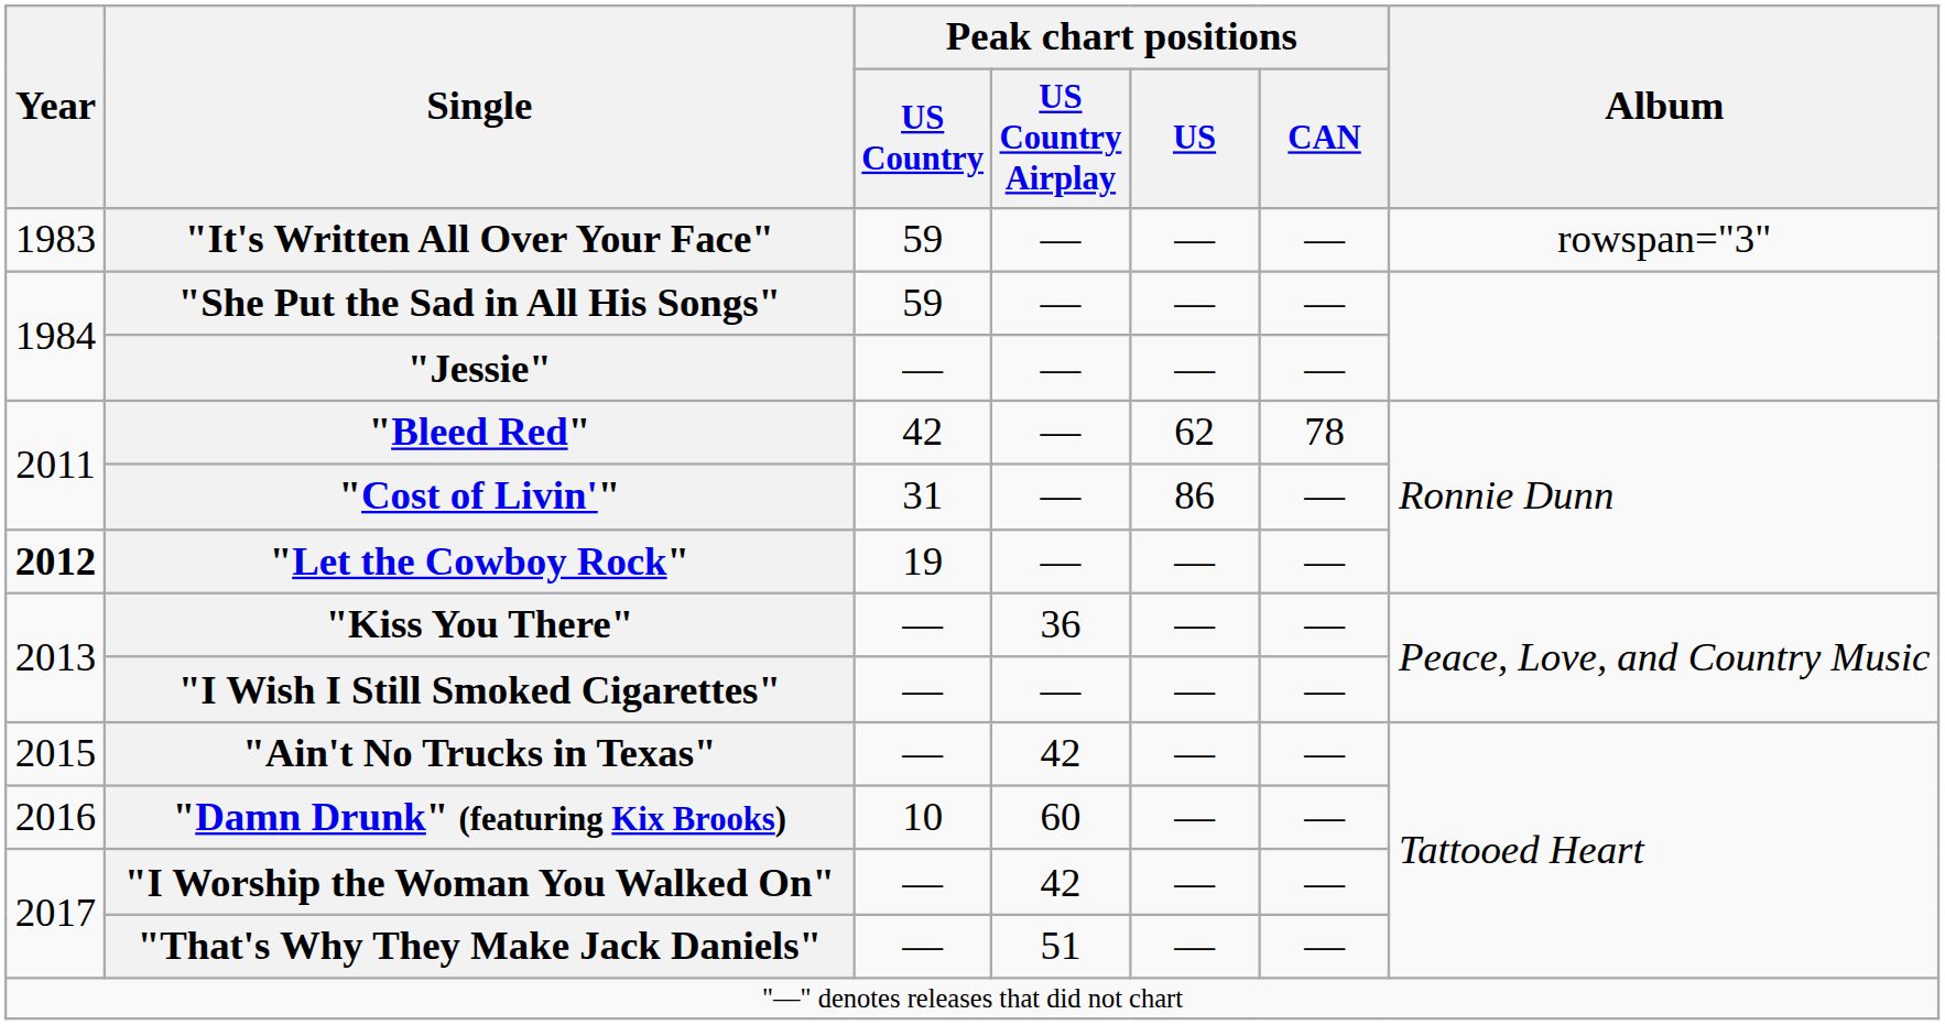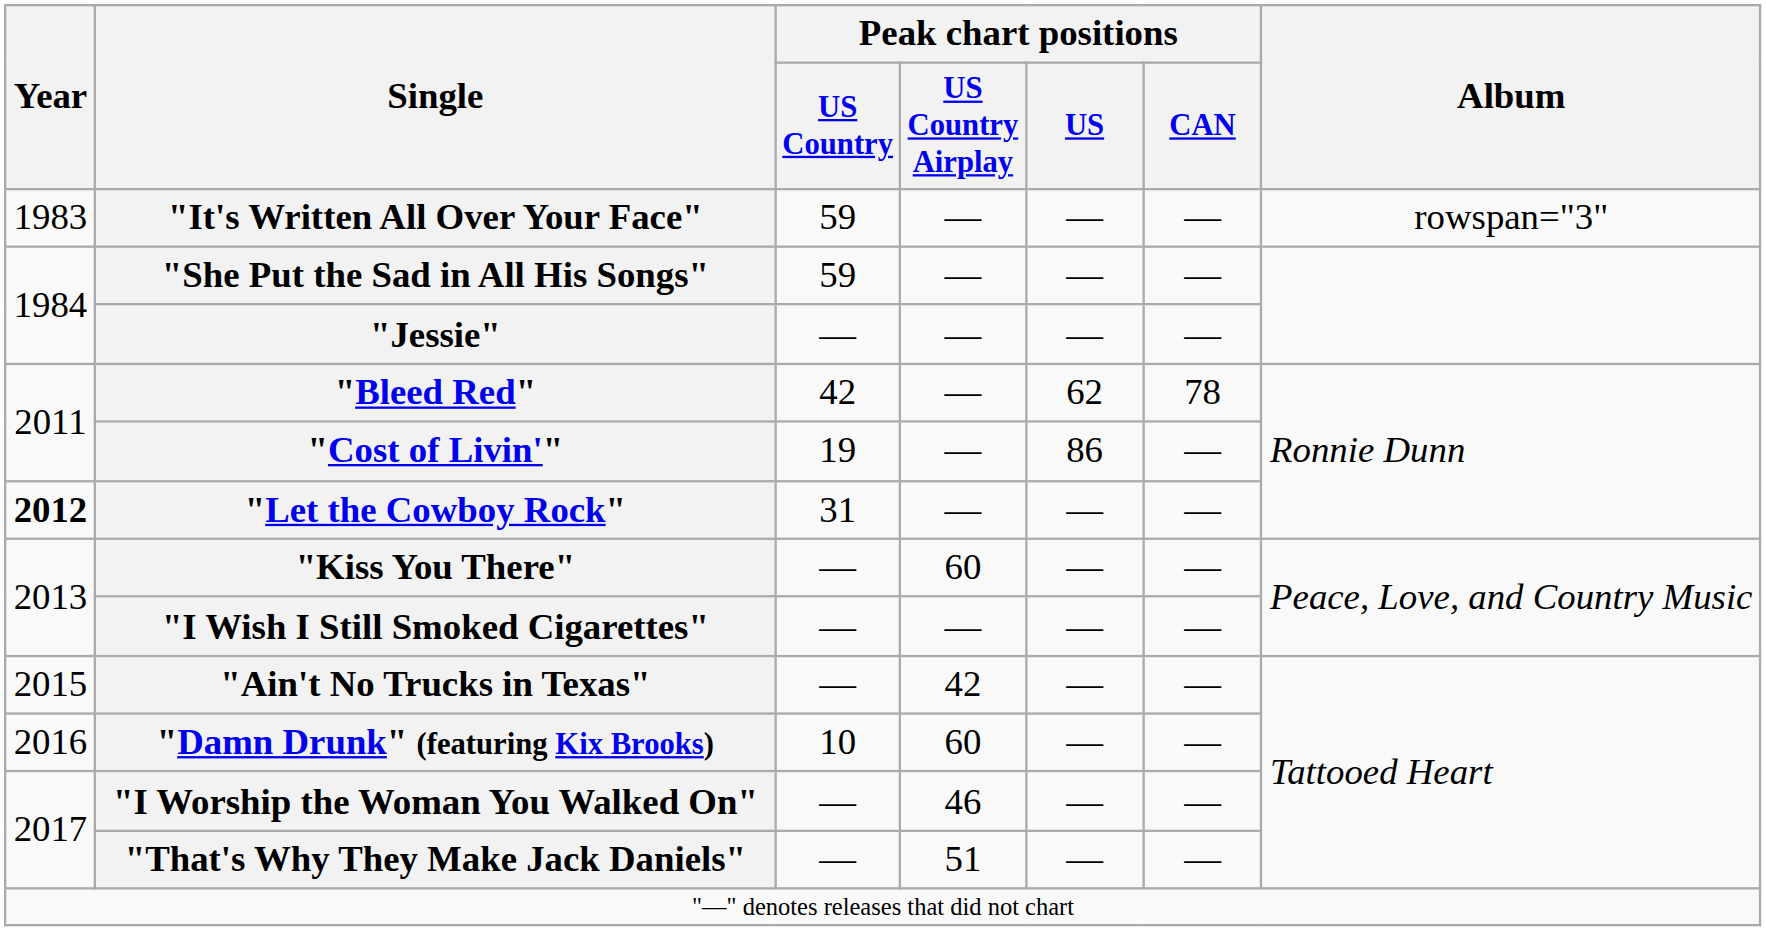 <table class="wikitable plainrowheaders" style="text-align:center;">
 <tr>
 <th rowspan="2">Year</th>
 <th rowspan="2" style="width:18em;">Single</th>
 <th colspan="4">Peak chart positions</th>
 <th rowspan="2">Album</th>
 </tr>
 <tr style="font-size:smaller;">
 <th style="width:45px;"><a href='#'>US Country</a><br></th>
 <th style="width:45px;"><a href='#'>US Country Airplay</a><br></th>
 <th style="width:45px;"><a href='#'>US</a><br></th>
 <th style="width:45px;"><a href='#'>CAN</a><br></th>
 </tr>
 <tr>
 <td>1983</td>
 <th scope="row">"It's Written All Over Your Face"</th>
 <td>59</td>
 <td>—</td>
 <td>—</td>
 <td>—</td>
 <td>rowspan="3" </td>
 </tr>
 <tr>
 <td rowspan="2">1984</td>
 <th scope="row">"She Put the Sad in All His Songs"</th>
 <td>59</td>
 <td>—</td>
 <td>—</td>
 <td>—</td>
 </tr>
 <tr>
 <th scope="row">"Jessie"</th>
 <td>—</td>
 <td>—</td>
 <td>—</td>
 <td>—</td>
 </tr>
 <tr>
 <td rowspan="2">2011</td>
 <th scope="row">"<a href='#'>Bleed Red</a>"</th>
 <td>42</td>
 <td>—</td>
 <td>62</td>
 <td>78</td>
 <td style="text-align:left;" rowspan="3"><em>Ronnie Dunn</em></td>
 </tr>
 <tr>
 <th scope="row">"<a href='#'>Cost of Livin'</a>"</th>
-<td>31</td>
+<td>19</td>
 <td>—</td>
 <td>86</td>
 <td>—</td>
 </tr>
 <tr>
 <td><strong>2012</strong></td>
 <th scope="row">"<a href='#'>Let the Cowboy Rock</a>"</th>
-<td>19</td>
+<td>31</td>
 <td>—</td>
 <td>—</td>
 <td>—</td>
 </tr>
 <tr>
 <td rowspan="2">2013</td>
 <th scope="row">"Kiss You There"</th>
 <td>—</td>
-<td>36</td>
+<td>60</td>
 <td>—</td>
 <td>—</td>
 <td style="text-align:left;" rowspan="2"><em>Peace, Love, and Country Music</em></td>
 </tr>
 <tr>
 <th scope="row">"I Wish I Still Smoked Cigarettes"</th>
 <td>—</td>
 <td>—</td>
 <td>—</td>
 <td>—</td>
 </tr>
 <tr>
 <td>2015</td>
 <th scope="row">"Ain't No Trucks in Texas"</th>
 <td>—</td>
 <td>42</td>
 <td>—</td>
 <td>—</td>
 <td style="text-align:left;" rowspan="4"><em>Tattooed Heart</em></td>
 </tr>
 <tr>
 <td>2016</td>
 <th scope="row">"<a href='#'>Damn Drunk</a>" <small>(featuring <a href='#'>Kix Brooks</a>)</small></th>
 <td>10</td>
 <td>60</td>
 <td>—</td>
 <td>—</td>
 </tr>
 <tr>
 <td rowspan="2">2017</td>
 <th scope="row">"I Worship the Woman You Walked On"</th>
 <td>—</td>
-<td>42</td>
+<td>46</td>
 <td>—</td>
 <td>—</td>
 </tr>
 <tr>
 <th scope="row">"That's Why They Make Jack Daniels"</th>
 <td>—</td>
 <td>51</td>
 <td>—</td>
 <td>—</td>
 </tr>
 <tr>
 <td colspan="7" style="font-size:8pt">"—" denotes releases that did not chart</td>
 </tr>
 </table>
